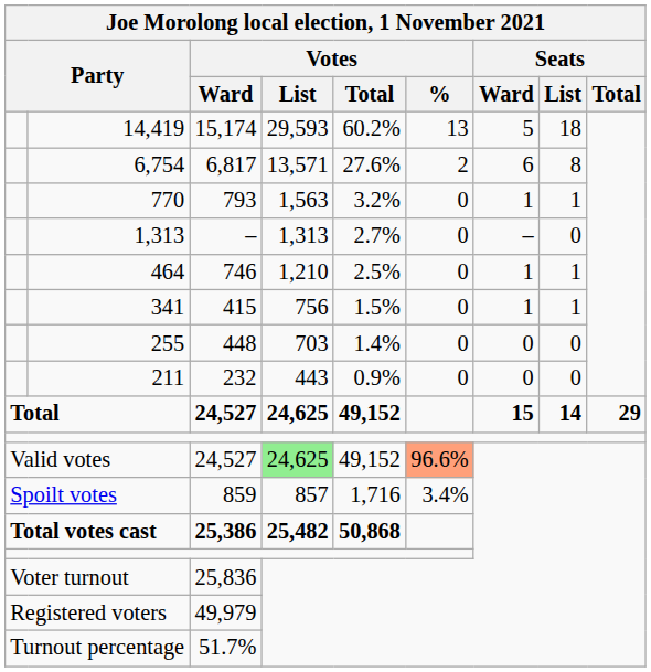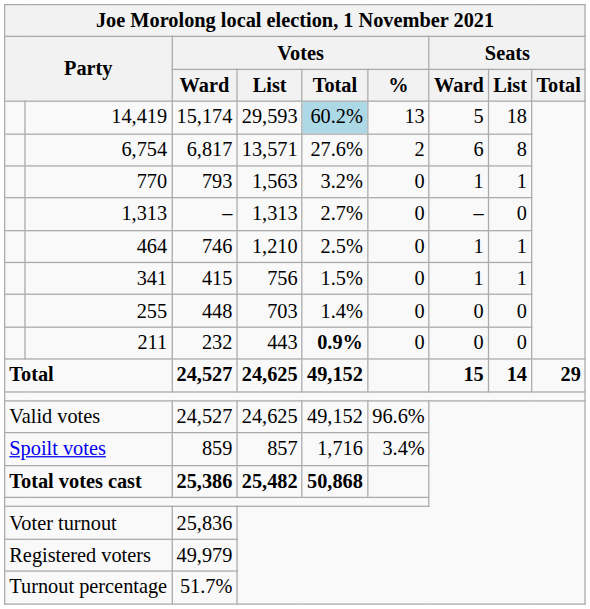 <table class=wikitable style="text-align:right">
 <tr>
 <th colspan="9" align="center">Joe Morolong local election, 1 November 2021</th>
 </tr>
 <tr>
 <th rowspan="2" colspan="2">Party</th>
 <th colspan="4" align="center">Votes</th>
 <th colspan="3" align="center">Seats</th>
 </tr>
 <tr>
 <th>Ward</th>
 <th>List</th>
 <th>Total</th>
 <th>%</th>
 <th>Ward</th>
 <th>List</th>
 <th>Total</th>
 </tr>
 <tr>
 <td></td>
 <td>14,419</td>
 <td>15,174</td>
 <td>29,593</td>
-<td>60.2%</td>
+<td style="background: lightblue;">60.2%</td>
 <td>13</td>
 <td>5</td>
 <td>18</td>
 </tr>
 <tr>
 <td></td>
 <td>6,754</td>
 <td>6,817</td>
 <td>13,571</td>
 <td>27.6%</td>
 <td>2</td>
 <td>6</td>
 <td>8</td>
 </tr>
 <tr>
 <td></td>
 <td>770</td>
 <td>793</td>
 <td>1,563</td>
 <td>3.2%</td>
 <td>0</td>
 <td>1</td>
 <td>1</td>
 </tr>
 <tr>
 <td></td>
 <td>1,313</td>
 <td>–</td>
 <td>1,313</td>
 <td>2.7%</td>
 <td>0</td>
 <td>–</td>
 <td>0</td>
 </tr>
 <tr>
 <td></td>
 <td>464</td>
 <td>746</td>
 <td>1,210</td>
 <td>2.5%</td>
 <td>0</td>
 <td>1</td>
 <td>1</td>
 </tr>
 <tr>
 <td></td>
 <td>341</td>
 <td>415</td>
 <td>756</td>
 <td>1.5%</td>
 <td>0</td>
 <td>1</td>
 <td>1</td>
 </tr>
 <tr>
 <td></td>
 <td>255</td>
 <td>448</td>
 <td>703</td>
 <td>1.4%</td>
 <td>0</td>
 <td>0</td>
 <td>0</td>
 </tr>
 <tr>
 <td></td>
 <td>211</td>
 <td>232</td>
 <td>443</td>
-<td>0.9%</td>
+<td><strong>0.9%</strong></td>
 <td>0</td>
 <td>0</td>
 <td>0</td>
 </tr>
 <tr>
 <td colspan="2" style="text-align:left"><strong>Total</strong></td>
 <td><strong>24,527</strong></td>
 <td><strong>24,625</strong></td>
 <td><strong>49,152</strong></td>
 <td></td>
 <td><strong>15</strong></td>
 <td><strong>14</strong></td>
 <td><strong>29</strong></td>
 </tr>
 <tr>
 <td colspan="9"></td>
 </tr>
 <tr>
 <td colspan="2" style="text-align:left">Valid votes</td>
 <td>24,527</td>
-<td style="background: lightgreen;">24,625</td>
+<td>24,625</td>
 <td>49,152</td>
-<td style="background: lightsalmon;">96.6%</td>
+<td>96.6%</td>
 </tr>
 <tr>
 <td colspan="2" style="text-align:left"><a href='#'>Spoilt votes</a></td>
 <td>859</td>
 <td>857</td>
 <td>1,716</td>
 <td>3.4%</td>
 </tr>
 <tr>
 <td colspan="2" style="text-align:left"><strong>Total votes cast</strong></td>
 <td><strong>25,386</strong></td>
 <td><strong>25,482</strong></td>
 <td><strong>50,868</strong></td>
 <td></td>
 </tr>
 <tr>
 <td colspan="6"></td>
 </tr>
 <tr>
 <td colspan="2" style="text-align:left">Voter turnout</td>
 <td>25,836</td>
 </tr>
 <tr>
 <td colspan="2" style="text-align:left">Registered voters</td>
 <td>49,979</td>
 </tr>
 <tr>
 <td colspan="2" style="text-align:left">Turnout percentage</td>
 <td>51.7%</td>
 </tr>
 </table>
